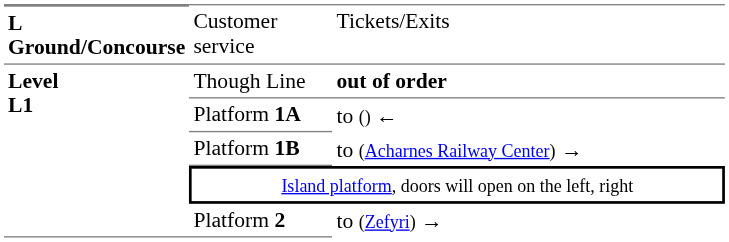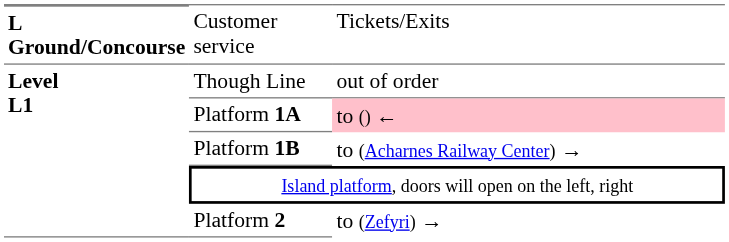 <table border=0 cellspacing=0 cellpadding=3>
 <tr>
 <td style="border-bottom:solid 1px gray;border-top:solid 2px gray;" width=50 valign=top><strong>L<br>Ground/Concourse</strong></td>
 <td style="border-top:solid 1px gray;border-bottom:solid 1px gray;" width=100 valign=top>Customer service</td>
 <td style="border-top:solid 1px gray;border-bottom:solid 1px gray;" width=285 valign=top>Tickets/Exits</td>
 </tr>
 <tr>
 <td style="border-bottom:solid 1px gray;" rowspan=5 valign=top><strong>Level<br>L1</strong></td>
 <td style="border-bottom:solid 1px gray;">Though Line</td>
-<td style="border-bottom:solid 1px gray;"><strong>out of order</strong></td>
+<td style="border-bottom:solid 1px gray;">out of order</td>
 </tr>
 <tr>
 <td style="border-bottom:solid 1px gray;">Platform <strong>1A</strong></td>
-<td> to  <small> ()</small> ←</td>
+<td style="background: pink;"> to  <small> ()</small> ←</td>
 </tr>
 <tr>
 <td style="border-bottom:solid 1px gray;">Platform <strong>1B</strong></td>
 <td> to  <small> (<a href='#'>Acharnes Railway Center</a>)</small> →</td>
 </tr>
 <tr>
 <td style="border-right:solid 2px black;border-left:solid 2px black;border-top:solid 2px black;border-bottom:solid 2px black;text-align:center;" colspan=2><small><a href='#'>Island platform</a>, doors will open on the left, right</small></td>
 </tr>
 <tr>
 <td style="border-bottom:solid 1px gray;">Platform <strong>2</strong></td>
 <td> to  <small> (<a href='#'>Zefyri</a>)</small> →</td>
 </tr>
 </table>
